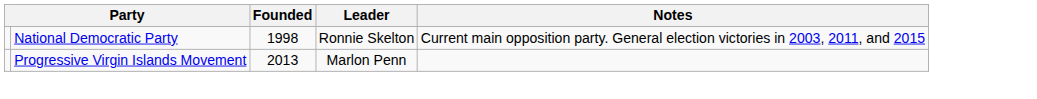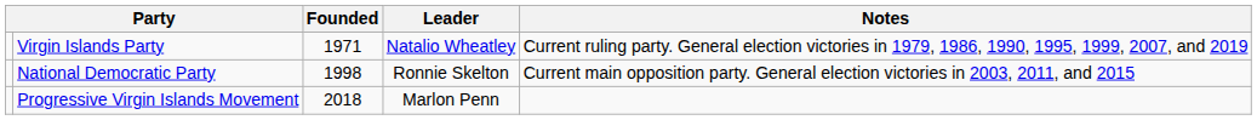 <table class="wikitable">
 <tr>
 <th colspan=2>Party</th>
 <th>Founded</th>
 <th>Leader</th>
 <th>Notes</th>
+</tr>
+<tr>
+<td style="background:"></td>
+<td><a href='#'>Virgin Islands Party</a></td>
+<td align="center">1971</td>
+<td align="center"><a href='#'>Natalio Wheatley</a></td>
+<td>Current ruling party.  General election victories in <a href='#'>1979</a>, <a href='#'>1986</a>, <a href='#'>1990</a>, <a href='#'>1995</a>, <a href='#'>1999</a>, <a href='#'>2007</a>, and <a href='#'>2019</a></td>
 </tr>
 <tr>
 <td style="background:"></td>
 <td><a href='#'>National Democratic Party</a></td>
 <td align="center">1998</td>
 <td align="center">Ronnie Skelton</td>
 <td>Current main opposition party.  General election victories in <a href='#'>2003</a>, <a href='#'>2011</a>, and <a href='#'>2015</a></td>
 </tr>
 <tr>
 <td style="background:"></td>
 <td><a href='#'>Progressive Virgin Islands Movement</a></td>
-<td align="center">2013</td>
+<td align="center">2018</td>
 <td align="center">Marlon Penn</td>
 <td></td>
 </tr>
 </table>
